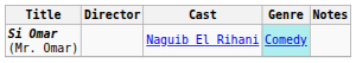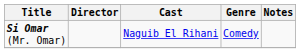 <table class="wikitable">
 <tr>
 <th>Title</th>
 <th>Director</th>
 <th>Cast</th>
 <th>Genre</th>
 <th>Notes</th>
 </tr>
 <tr>
 <td><strong><em>Si Omar</em></strong><br>(Mr. Omar)</td>
 <td></td>
 <td><a href='#'>Naguib El Rihani</a></td>
-<td style="background: paleturquoise;"><a href='#'>Comedy</a></td>
+<td><a href='#'>Comedy</a></td>
 <td></td>
 </tr>
 <tr>
 </tr>
 </table>
